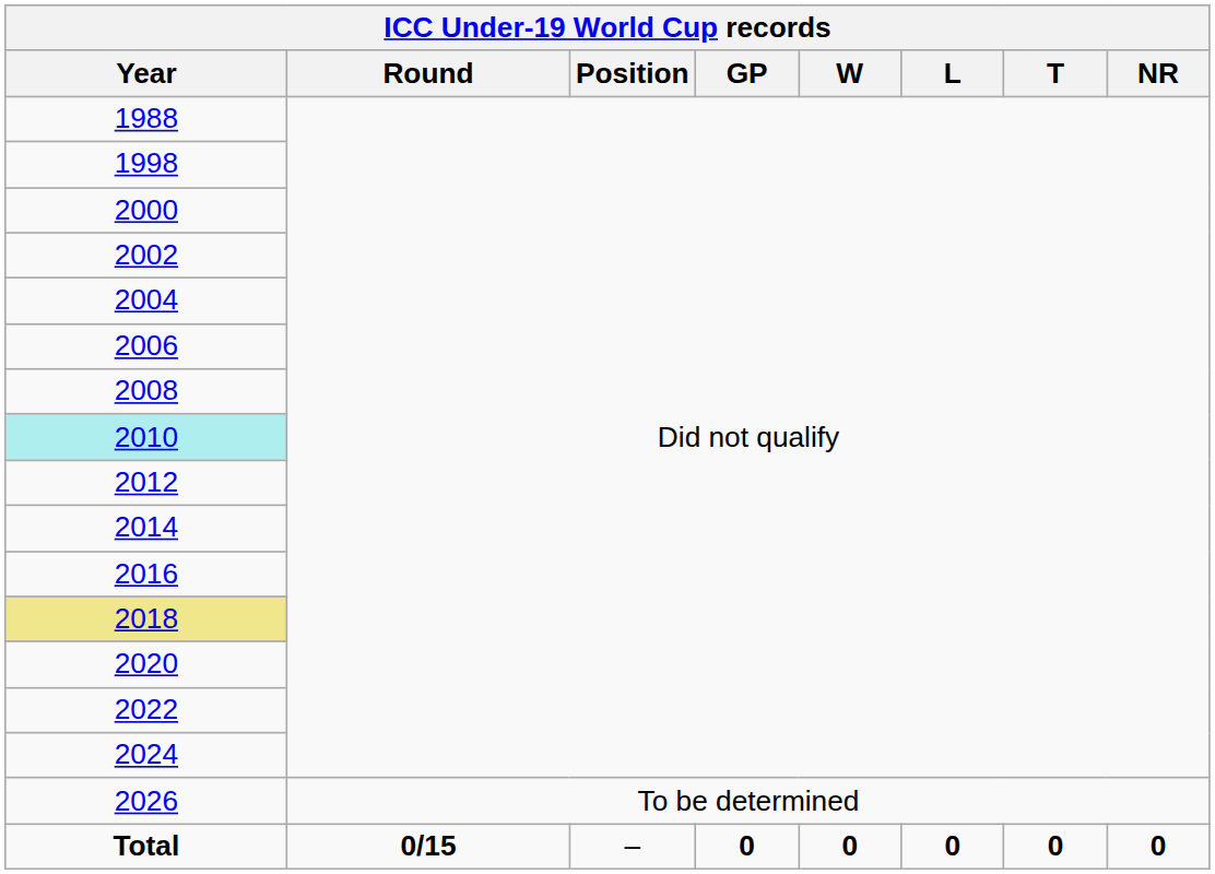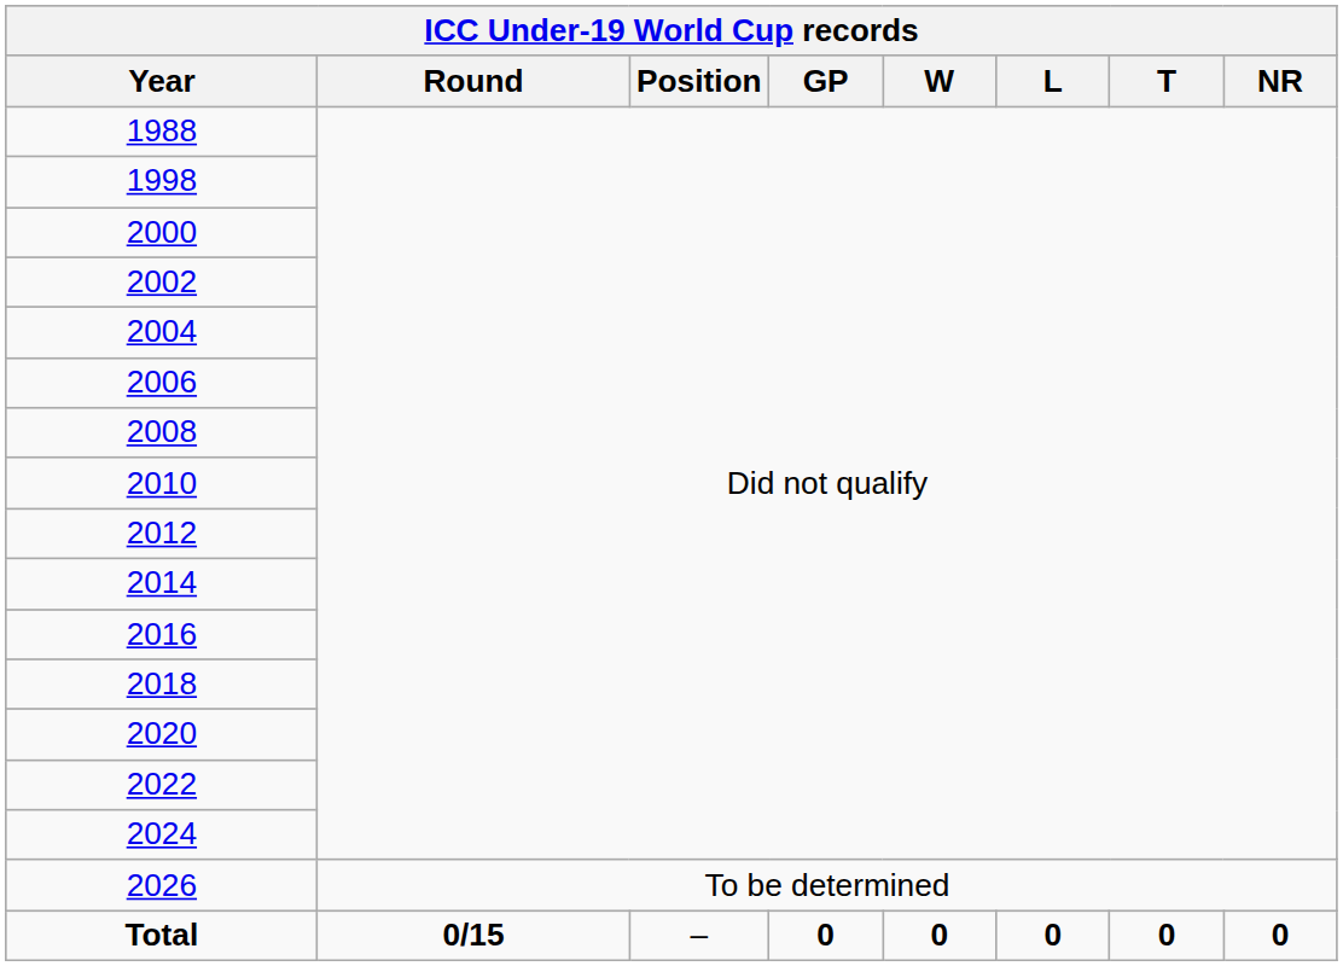 <table class="wikitable" style="text-align: center; width=900px;">
 <tr>
 <th colspan=9><a href='#'>ICC Under-19 World Cup</a> records</th>
 </tr>
 <tr>
 <th width=150>Year</th>
 <th width=150>Round</th>
 <th width=50>Position</th>
 <th width=50>GP</th>
 <th width=50>W</th>
 <th width=50>L</th>
 <th width=50>T</th>
 <th width=50>NR</th>
 </tr>
 <tr>
 <td> <a href='#'>1988</a></td>
 <td colspan=8 rowspan=15>Did not qualify</td>
 </tr>
 <tr>
 <td> <a href='#'>1998</a></td>
 </tr>
 <tr>
 <td> <a href='#'>2000</a></td>
 </tr>
 <tr>
 <td> <a href='#'>2002</a></td>
 </tr>
 <tr>
 <td> <a href='#'>2004</a></td>
 </tr>
 <tr>
 <td> <a href='#'>2006</a></td>
 </tr>
 <tr>
 <td> <a href='#'>2008</a></td>
 </tr>
 <tr>
-<td style="background: paleturquoise;"> <a href='#'>2010</a></td>
+<td> <a href='#'>2010</a></td>
 </tr>
 <tr>
 <td> <a href='#'>2012</a></td>
 </tr>
 <tr>
 <td> <a href='#'>2014</a></td>
 </tr>
 <tr>
 <td> <a href='#'>2016</a></td>
 </tr>
 <tr>
-<td style="background: khaki;"> <a href='#'>2018</a></td>
+<td> <a href='#'>2018</a></td>
 </tr>
 <tr>
 <td> <a href='#'>2020</a></td>
 </tr>
 <tr>
 <td> <a href='#'>2022</a></td>
 </tr>
 <tr>
 <td> <a href='#'>2024</a></td>
 </tr>
 <tr>
 <td>  <a href='#'>2026</a></td>
 <td colspan=8 rowspan=1>To be determined</td>
 </tr>
 <tr>
 <td><strong>Total</strong></td>
 <td><strong>0/15</strong></td>
 <td>–</td>
 <td><strong>0</strong></td>
 <td><strong>0</strong></td>
 <td><strong>0</strong></td>
 <td><strong>0</strong></td>
 <td><strong>0</strong></td>
 </tr>
 </table>
